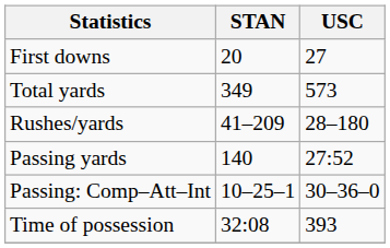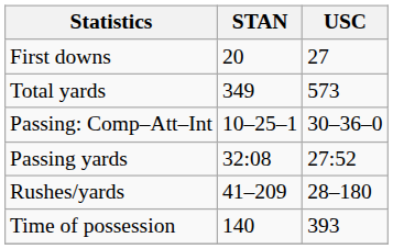 <table class="wikitable" style="float: left;">
 <tr>
 <th>Statistics</th>
 <th>STAN</th>
 <th>USC</th>
 </tr>
 <tr>
 <td>First downs</td>
 <td>20</td>
 <td>27</td>
 </tr>
 <tr>
 <td>Total yards</td>
 <td>349</td>
 <td>573</td>
 </tr>
 <tr>
+<td>Passing: Comp–Att–Int</td>
+<td>10–25–1</td>
+<td>30–36–0</td>
+</tr>
+<tr>
+<td>Passing yards</td>
+<td>32:08</td>
+<td>27:52</td>
+</tr>
+<tr>
 <td>Rushes/yards</td>
 <td>41–209</td>
 <td>28–180</td>
 </tr>
 <tr>
-<td>Passing yards</td>
+<td>Time of possession</td>
 <td>140</td>
-<td>27:52</td>
-</tr>
-<tr>
-<td>Passing: Comp–Att–Int</td>
-<td>10–25–1</td>
-<td>30–36–0</td>
-</tr>
-<tr>
-<td>Time of possession</td>
-<td>32:08</td>
 <td>393</td>
 </tr>
 <tr>
 </tr>
 </table>
